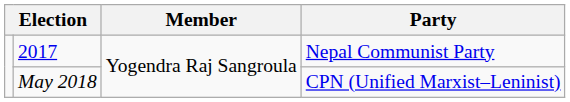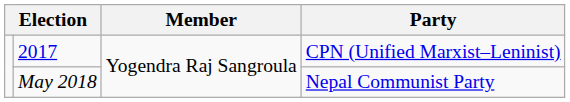 <table class="wikitable">
 <tr>
 <th colspan="2">Election</th>
 <th>Member</th>
 <th>Party</th>
 </tr>
 <tr>
 <td rowspan="2" style="background-color:"></td>
 <td><a href='#'>2017</a></td>
 <td rowspan="2">Yogendra Raj Sangroula</td>
-<td><a href='#'>Nepal Communist Party</a></td>
+<td><a href='#'>CPN (Unified Marxist–Leninist)</a></td>
 </tr>
 <tr>
 <td><em>May 2018</em></td>
-<td><a href='#'>CPN (Unified Marxist–Leninist)</a></td>
+<td><a href='#'>Nepal Communist Party</a></td>
 </tr>
 </table>
